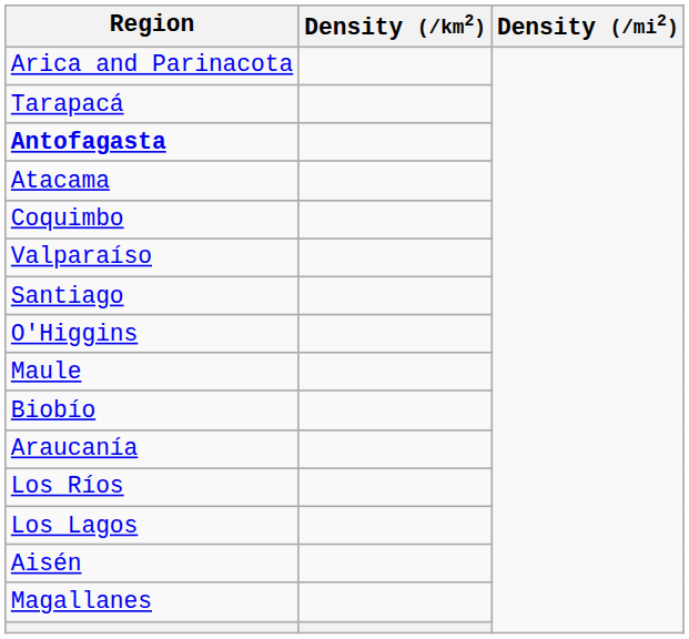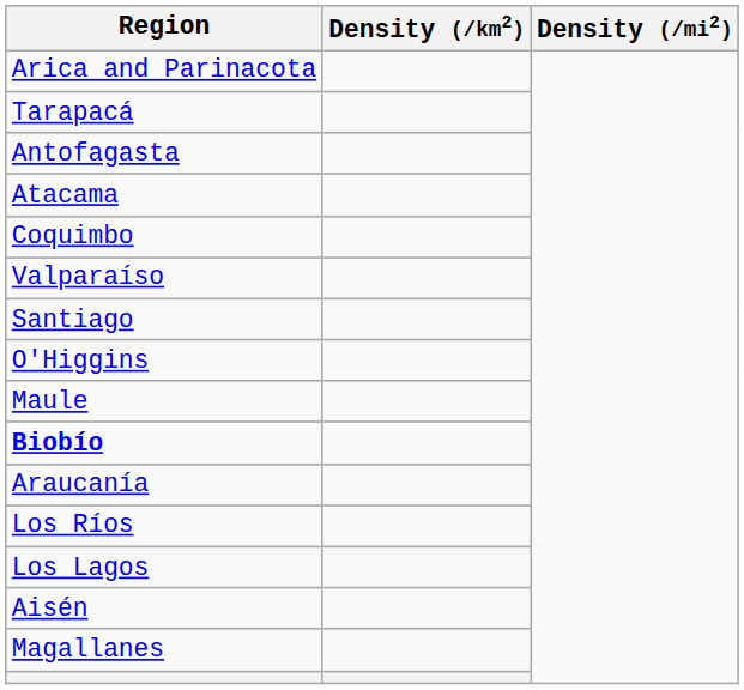 <table class="wikitable sortable" style="text-align:right">
 <tr>
 <th>Region</th>
 <th>Density <small>(/km<sup>2</sup>)</small></th>
 <th>Density <small>(/mi<sup>2</sup>)</small></th>
 </tr>
 <tr>
 <td align="left"><a href='#'>Arica and Parinacota</a></td>
 <td></td>
 </tr>
 <tr>
 <td align="left"><a href='#'>Tarapacá</a></td>
 <td></td>
 </tr>
 <tr>
-<td align="left"><strong><a href='#'>Antofagasta</a></strong></td>
+<td align="left"><a href='#'>Antofagasta</a></td>
 <td></td>
 </tr>
 <tr>
 <td align="left"><a href='#'>Atacama</a></td>
 <td></td>
 </tr>
 <tr>
 <td align="left"><a href='#'>Coquimbo</a></td>
 <td></td>
 </tr>
 <tr>
 <td align="left"><a href='#'>Valparaíso</a></td>
 <td></td>
 </tr>
 <tr>
 <td align="left"><a href='#'>Santiago</a></td>
 <td></td>
 </tr>
 <tr>
 <td align="left"><a href='#'>O'Higgins</a></td>
 <td></td>
 </tr>
 <tr>
 <td align="left"><a href='#'>Maule</a></td>
 <td></td>
 </tr>
 <tr>
-<td align="left"><a href='#'>Biobío</a></td>
+<td align="left"><strong><a href='#'>Biobío</a></strong></td>
 <td></td>
 </tr>
 <tr>
 <td align="left"><a href='#'>Araucanía</a></td>
 <td></td>
 </tr>
 <tr>
 <td align="left"><a href='#'>Los Ríos</a></td>
 <td></td>
 </tr>
 <tr>
 <td align="left"><a href='#'>Los Lagos</a></td>
 <td></td>
 </tr>
 <tr>
 <td align="left"><a href='#'>Aisén</a></td>
 <td></td>
 </tr>
 <tr>
 <td align="left"><a href='#'>Magallanes</a></td>
 <td></td>
 </tr>
 <tr style="background-color:#f2f2f2; font-weight: bold">
 <td align="left"><strong></strong></td>
 <td></td>
 </tr>
 </table>
